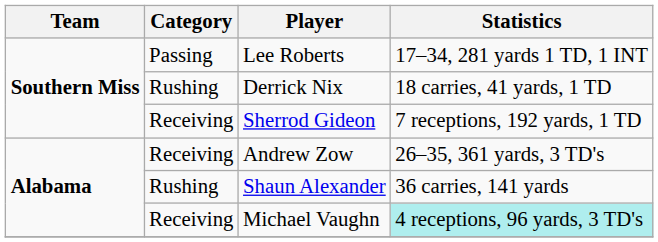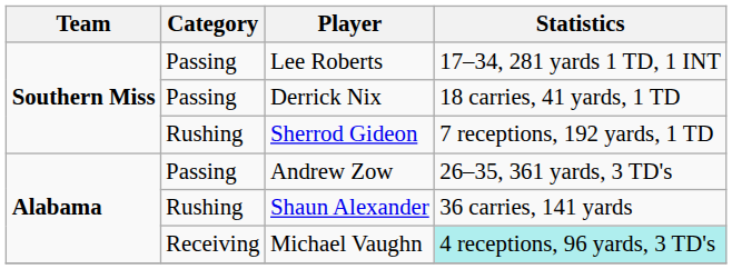 <table class="wikitable" style="float: right;">
 <tr>
 <th>Team</th>
 <th>Category</th>
 <th>Player</th>
 <th>Statistics</th>
 </tr>
 <tr>
 <td rowspan=3><strong>Southern Miss</strong></td>
 <td>Passing</td>
 <td>Lee Roberts</td>
 <td>17–34, 281 yards 1 TD, 1 INT</td>
 </tr>
 <tr>
-<td>Rushing</td>
+<td>Passing</td>
 <td>Derrick Nix</td>
 <td>18 carries, 41 yards, 1 TD</td>
 </tr>
 <tr>
-<td>Receiving</td>
+<td>Rushing</td>
 <td><a href='#'>Sherrod Gideon</a></td>
 <td>7 receptions, 192 yards, 1 TD</td>
 </tr>
 <tr>
 <td rowspan=3><strong>Alabama</strong></td>
-<td>Receiving</td>
+<td>Passing</td>
 <td>Andrew Zow</td>
 <td>26–35, 361 yards, 3 TD's</td>
 </tr>
 <tr>
 <td>Rushing</td>
 <td><a href='#'>Shaun Alexander</a></td>
 <td>36 carries, 141 yards</td>
 </tr>
 <tr>
 <td>Receiving</td>
 <td>Michael Vaughn</td>
 <td style="background: paleturquoise;">4 receptions, 96 yards, 3 TD's</td>
 </tr>
 <tr>
 </tr>
 </table>
